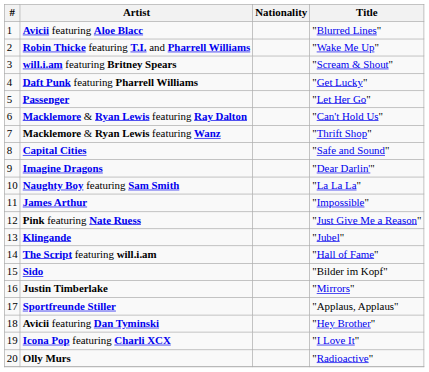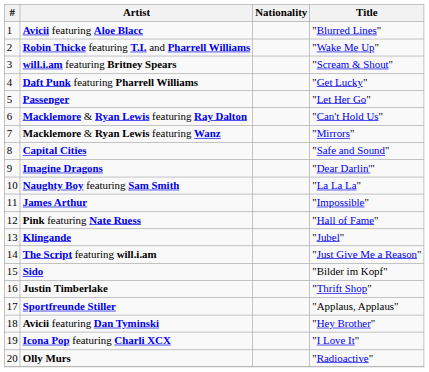 <table class="wikitable sortable">
 <tr>
 <th>#</th>
 <th>Artist</th>
 <th>Nationality</th>
 <th>Title</th>
 </tr>
 <tr>
 <td>1</td>
 <td><strong><a href='#'>Avicii</a></strong> featuring <strong><a href='#'>Aloe Blacc</a></strong></td>
 <td><br></td>
 <td>"<a href='#'>Blurred Lines</a>"</td>
 </tr>
 <tr>
 <td>2</td>
 <td><strong><a href='#'>Robin Thicke</a></strong> featuring <strong><a href='#'>T.I.</a></strong> and <strong><a href='#'>Pharrell Williams</a></strong></td>
 <td></td>
 <td>"<a href='#'>Wake Me Up</a>"</td>
 </tr>
 <tr>
 <td>3</td>
 <td><strong><a href='#'>will.i.am</a></strong> featuring <strong>Britney Spears</strong></td>
 <td></td>
 <td>"<a href='#'>Scream & Shout</a>"</td>
 </tr>
 <tr>
 <td>4</td>
 <td><strong><a href='#'>Daft Punk</a></strong> featuring <strong>Pharrell Williams</strong></td>
 <td><br></td>
 <td>"<a href='#'>Get Lucky</a>"</td>
 </tr>
 <tr>
 <td>5</td>
 <td><strong><a href='#'>Passenger</a></strong></td>
 <td></td>
 <td>"<a href='#'>Let Her Go</a>"</td>
 </tr>
 <tr>
 <td>6</td>
 <td><strong><a href='#'>Macklemore</a></strong> & <strong><a href='#'>Ryan Lewis</a></strong> featuring <strong><a href='#'>Ray Dalton</a></strong></td>
 <td></td>
 <td>"<a href='#'>Can't Hold Us</a>"</td>
 </tr>
 <tr>
 <td>7</td>
 <td><strong>Macklemore</strong> & <strong>Ryan Lewis</strong> featuring <strong><a href='#'>Wanz</a></strong></td>
 <td></td>
-<td>"<a href='#'>Thrift Shop</a>"</td>
+<td>"<a href='#'>Mirrors</a>"</td>
 </tr>
 <tr>
 <td>8</td>
 <td><strong><a href='#'>Capital Cities</a></strong></td>
 <td></td>
 <td>"<a href='#'>Safe and Sound</a>"</td>
 </tr>
 <tr>
 <td>9</td>
 <td><strong><a href='#'>Imagine Dragons</a></strong></td>
 <td></td>
 <td>"<a href='#'>Dear Darlin'</a>"</td>
 </tr>
 <tr>
 <td>10</td>
 <td><strong><a href='#'>Naughty Boy</a></strong> featuring <strong><a href='#'>Sam Smith</a></strong></td>
 <td></td>
 <td>"<a href='#'>La La La</a>"</td>
 </tr>
 <tr>
 <td>11</td>
 <td><strong><a href='#'>James Arthur</a></strong></td>
 <td></td>
 <td>"<a href='#'>Impossible</a>"</td>
 </tr>
 <tr>
 <td>12</td>
 <td><strong>Pink</strong> featuring <strong><a href='#'>Nate Ruess</a></strong></td>
 <td></td>
-<td>"<a href='#'>Just Give Me a Reason</a>"</td>
+<td>"<a href='#'>Hall of Fame</a>"</td>
 </tr>
 <tr>
 <td>13</td>
 <td><strong><a href='#'>Klingande</a></strong></td>
 <td></td>
 <td>"<a href='#'>Jubel</a>"</td>
 </tr>
 <tr>
 <td>14</td>
 <td><strong><a href='#'>The Script</a></strong> featuring <strong>will.i.am</strong></td>
 <td><br></td>
-<td>"<a href='#'>Hall of Fame</a>"</td>
+<td>"<a href='#'>Just Give Me a Reason</a>"</td>
 </tr>
 <tr>
 <td>15</td>
 <td><strong><a href='#'>Sido</a></strong></td>
 <td></td>
 <td>"Bilder im Kopf"</td>
 </tr>
 <tr>
 <td>16</td>
 <td><strong>Justin Timberlake</strong></td>
 <td></td>
-<td>"<a href='#'>Mirrors</a>"</td>
+<td>"<a href='#'>Thrift Shop</a>"</td>
 </tr>
 <tr>
 <td>17</td>
 <td><strong><a href='#'>Sportfreunde Stiller</a></strong></td>
 <td></td>
 <td>"Applaus, Applaus"</td>
 </tr>
 <tr>
 <td>18</td>
 <td><strong>Avicii</strong> featuring <strong><a href='#'>Dan Tyminski</a></strong></td>
 <td><br></td>
 <td>"<a href='#'>Hey Brother</a>"</td>
 </tr>
 <tr>
 <td>19</td>
 <td><strong><a href='#'>Icona Pop</a></strong> featuring <strong><a href='#'>Charli XCX</a></strong></td>
 <td><br></td>
 <td>"<a href='#'>I Love It</a>"</td>
 </tr>
 <tr>
 <td>20</td>
 <td><strong>Olly Murs</strong></td>
 <td></td>
 <td>"<a href='#'>Radioactive</a>"</td>
 </tr>
 <tr>
 </tr>
 </table>
